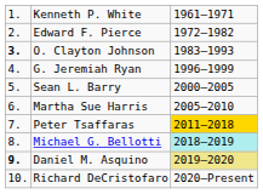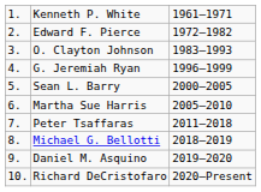 <table class=wikitable align="center">
 <tr>
 <td>1.</td>
 <td>Kenneth P. White</td>
 <td>1961–1971</td>
 </tr>
 <tr>
 <td>2.</td>
 <td>Edward F. Pierce</td>
 <td>1972–1982</td>
 </tr>
 <tr>
-<td><strong>3.</strong></td>
+<td>3.</td>
 <td>O. Clayton Johnson</td>
 <td>1983–1993</td>
 </tr>
 <tr>
 <td>4.</td>
 <td>G. Jeremiah Ryan</td>
 <td>1996–1999</td>
 </tr>
 <tr>
 <td>5.</td>
 <td>Sean L. Barry</td>
 <td>2000–2005</td>
 </tr>
 <tr>
 <td>6.</td>
 <td>Martha Sue Harris</td>
 <td>2005–2010</td>
 </tr>
 <tr>
 <td>7.</td>
 <td>Peter Tsaffaras</td>
-<td style="background: gold;">2011–2018</td>
+<td>2011–2018</td>
 </tr>
 <tr>
 <td>8.</td>
 <td><a href='#'>Michael G. Bellotti</a></td>
-<td style="background: paleturquoise;">2018–2019</td>
+<td>2018–2019</td>
 </tr>
 <tr>
-<td><strong>9.</strong></td>
+<td>9.</td>
 <td>Daniel M. Asquino</td>
-<td style="background: khaki;">2019–2020</td>
+<td>2019–2020</td>
 </tr>
 <tr>
 <td>10.</td>
 <td>Richard DeCristofaro</td>
 <td>2020–Present</td>
 </tr>
 </table>
